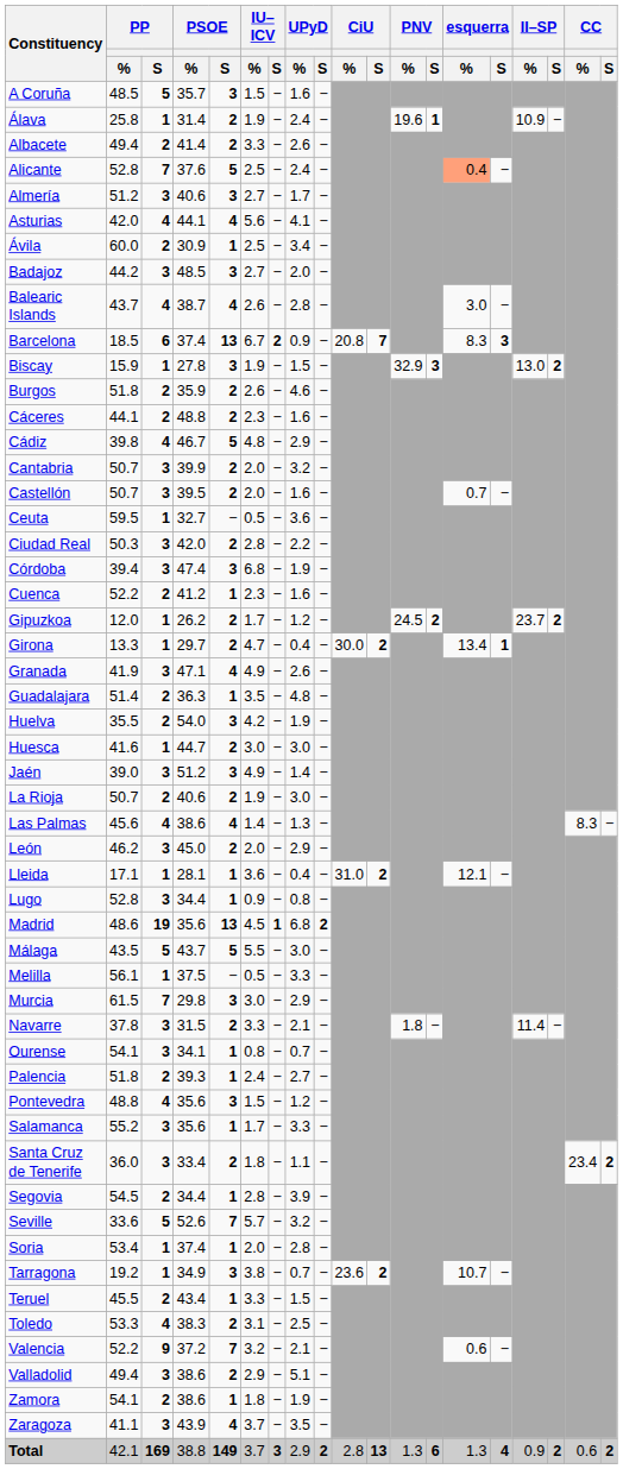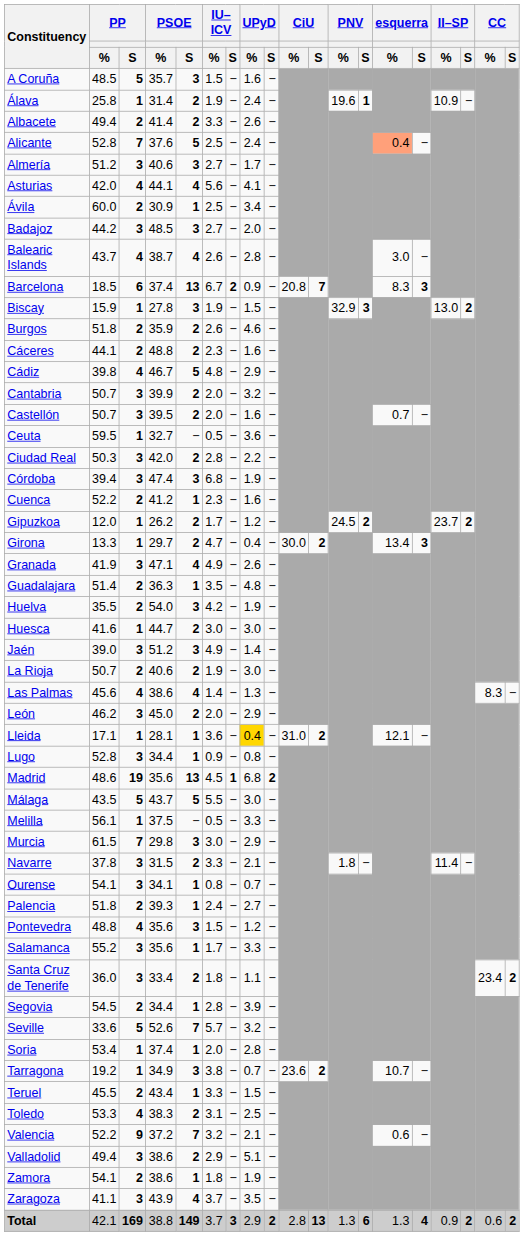 <table class="wikitable sortable" style="text-align:right; line-height:20px">
 <tr>
 <th rowspan="3">Constituency</th>
 <th colspan="2" width="30px" class="unsortable"><a href='#'>PP</a></th>
 <th colspan="2" width="30px" class="unsortable"><a href='#'>PSOE</a></th>
 <th colspan="2" width="30px" class="unsortable"><a href='#'>IU–ICV</a></th>
 <th colspan="2" width="30px" class="unsortable"><a href='#'>UPyD</a></th>
 <th colspan="2" width="30px" class="unsortable"><a href='#'>CiU</a></th>
 <th colspan="2" width="30px" class="unsortable"><a href='#'>PNV</a></th>
 <th colspan="2" width="30px" class="unsortable"><a href='#'>esquerra</a></th>
 <th colspan="2" width="30px" class="unsortable"><a href='#'>II–SP</a></th>
 <th colspan="2" width="30px" class="unsortable"><a href='#'>CC</a></th>
 </tr>
 <tr>
 <th colspan="2" style="background:"></th>
 <th colspan="2" style="background:"></th>
 <th colspan="2" style="background:"></th>
 <th colspan="2" style="background:"></th>
 <th colspan="2" style="background:"></th>
 <th colspan="2" style="background:"></th>
 <th colspan="2" style="background:"></th>
 <th colspan="2" style="background:"></th>
 <th colspan="2" style="background:"></th>
 </tr>
 <tr>
 <th data-sort-type="number">%</th>
 <th data-sort-type="number">S</th>
 <th data-sort-type="number">%</th>
 <th data-sort-type="number">S</th>
 <th data-sort-type="number">%</th>
 <th data-sort-type="number">S</th>
 <th data-sort-type="number">%</th>
 <th data-sort-type="number">S</th>
 <th data-sort-type="number">%</th>
 <th data-sort-type="number">S</th>
 <th data-sort-type="number">%</th>
 <th data-sort-type="number">S</th>
 <th data-sort-type="number">%</th>
 <th data-sort-type="number">S</th>
 <th data-sort-type="number">%</th>
 <th data-sort-type="number">S</th>
 <th data-sort-type="number">%</th>
 <th data-sort-type="number">S</th>
 </tr>
 <tr>
 <td align="left"><a href='#'>A Coruña</a></td>
 <td style="background:">48.5</td>
 <td><strong>5</strong></td>
 <td>35.7</td>
 <td><strong>3</strong></td>
 <td>1.5</td>
 <td>−</td>
 <td>1.6</td>
 <td>−</td>
 <td colspan="2" rowspan="9" bgcolor="#AAAAAA"></td>
 <td colspan="2" bgcolor="#AAAAAA"></td>
 <td colspan="2" rowspan="3" bgcolor="#AAAAAA"></td>
 <td colspan="2" bgcolor="#AAAAAA"></td>
 <td colspan="2" rowspan="28" bgcolor="#AAAAAA"></td>
 </tr>
 <tr>
 <td align="left"><a href='#'>Álava</a></td>
 <td>25.8</td>
 <td><strong>1</strong></td>
 <td style="background:">31.4</td>
 <td><strong>2</strong></td>
 <td>1.9</td>
 <td>−</td>
 <td>2.4</td>
 <td>−</td>
 <td>19.6</td>
 <td><strong>1</strong></td>
 <td>10.9</td>
 <td>−</td>
 </tr>
 <tr>
 <td align="left"><a href='#'>Albacete</a></td>
 <td style="background:">49.4</td>
 <td><strong>2</strong></td>
 <td>41.4</td>
 <td><strong>2</strong></td>
 <td>3.3</td>
 <td>−</td>
 <td>2.6</td>
 <td>−</td>
 <td colspan="2" rowspan="8" bgcolor="#AAAAAA"></td>
 <td colspan="2" rowspan="8" bgcolor="#AAAAAA"></td>
 </tr>
 <tr>
 <td align="left"><a href='#'>Alicante</a></td>
 <td style="background:">52.8</td>
 <td><strong>7</strong></td>
 <td>37.6</td>
 <td><strong>5</strong></td>
 <td>2.5</td>
 <td>−</td>
 <td>2.4</td>
 <td>−</td>
 <td style="background: lightsalmon;">0.4</td>
 <td>−</td>
 </tr>
 <tr>
 <td align="left"><a href='#'>Almería</a></td>
 <td style="background:">51.2</td>
 <td><strong>3</strong></td>
 <td>40.6</td>
 <td><strong>3</strong></td>
 <td>2.7</td>
 <td>−</td>
 <td>1.7</td>
 <td>−</td>
 <td colspan="2" rowspan="4" bgcolor="#AAAAAA"></td>
 </tr>
 <tr>
 <td align="left"><a href='#'>Asturias</a></td>
 <td>42.0</td>
 <td><strong>4</strong></td>
 <td style="background:">44.1</td>
 <td><strong>4</strong></td>
 <td>5.6</td>
 <td>−</td>
 <td>4.1</td>
 <td>−</td>
 </tr>
 <tr>
 <td align="left"><a href='#'>Ávila</a></td>
 <td style="background:">60.0</td>
 <td><strong>2</strong></td>
 <td>30.9</td>
 <td><strong>1</strong></td>
 <td>2.5</td>
 <td>−</td>
 <td>3.4</td>
 <td>−</td>
 </tr>
 <tr>
 <td align="left"><a href='#'>Badajoz</a></td>
 <td>44.2</td>
 <td><strong>3</strong></td>
 <td style="background:">48.5</td>
 <td><strong>3</strong></td>
 <td>2.7</td>
 <td>−</td>
 <td>2.0</td>
 <td>−</td>
 </tr>
 <tr>
 <td align="left"><a href='#'>Balearic Islands</a></td>
 <td style="background:">43.7</td>
 <td><strong>4</strong></td>
 <td>38.7</td>
 <td><strong>4</strong></td>
 <td>2.6</td>
 <td>−</td>
 <td>2.8</td>
 <td>−</td>
 <td>3.0</td>
 <td>−</td>
 </tr>
 <tr>
 <td align="left"><a href='#'>Barcelona</a></td>
 <td>18.5</td>
 <td><strong>6</strong></td>
 <td style="background:">37.4</td>
 <td><strong>13</strong></td>
 <td>6.7</td>
 <td><strong>2</strong></td>
 <td>0.9</td>
 <td>−</td>
 <td>20.8</td>
 <td><strong>7</strong></td>
 <td>8.3</td>
 <td><strong>3</strong></td>
 </tr>
 <tr>
 <td align="left"><a href='#'>Biscay</a></td>
 <td>15.9</td>
 <td><strong>1</strong></td>
 <td>27.8</td>
 <td><strong>3</strong></td>
 <td>1.9</td>
 <td>−</td>
 <td>1.5</td>
 <td>−</td>
 <td colspan="2" rowspan="11" bgcolor="#AAAAAA"></td>
 <td style="background:">32.9</td>
 <td><strong>3</strong></td>
 <td colspan="2" rowspan="5" bgcolor="#AAAAAA"></td>
 <td>13.0</td>
 <td><strong>2</strong></td>
 </tr>
 <tr>
 <td align="left"><a href='#'>Burgos</a></td>
 <td style="background:">51.8</td>
 <td><strong>2</strong></td>
 <td>35.9</td>
 <td><strong>2</strong></td>
 <td>2.6</td>
 <td>−</td>
 <td>4.6</td>
 <td>−</td>
 <td colspan="2" rowspan="9" bgcolor="#AAAAAA"></td>
 <td colspan="2" rowspan="9" bgcolor="#AAAAAA"></td>
 </tr>
 <tr>
 <td align="left"><a href='#'>Cáceres</a></td>
 <td>44.1</td>
 <td><strong>2</strong></td>
 <td style="background:">48.8</td>
 <td><strong>2</strong></td>
 <td>2.3</td>
 <td>−</td>
 <td>1.6</td>
 <td>−</td>
 </tr>
 <tr>
 <td align="left"><a href='#'>Cádiz</a></td>
 <td>39.8</td>
 <td><strong>4</strong></td>
 <td style="background:">46.7</td>
 <td><strong>5</strong></td>
 <td>4.8</td>
 <td>−</td>
 <td>2.9</td>
 <td>−</td>
 </tr>
 <tr>
 <td align="left"><a href='#'>Cantabria</a></td>
 <td style="background:">50.7</td>
 <td><strong>3</strong></td>
 <td>39.9</td>
 <td><strong>2</strong></td>
 <td>2.0</td>
 <td>−</td>
 <td>3.2</td>
 <td>−</td>
 </tr>
 <tr>
 <td align="left"><a href='#'>Castellón</a></td>
 <td style="background:">50.7</td>
 <td><strong>3</strong></td>
 <td>39.5</td>
 <td><strong>2</strong></td>
 <td>2.0</td>
 <td>−</td>
 <td>1.6</td>
 <td>−</td>
 <td>0.7</td>
 <td>−</td>
 </tr>
 <tr>
 <td align="left"><a href='#'>Ceuta</a></td>
 <td style="background:">59.5</td>
 <td><strong>1</strong></td>
 <td>32.7</td>
 <td>−</td>
 <td>0.5</td>
 <td>−</td>
 <td>3.6</td>
 <td>−</td>
 <td colspan="2" rowspan="5" bgcolor="#AAAAAA"></td>
 </tr>
 <tr>
 <td align="left"><a href='#'>Ciudad Real</a></td>
 <td style="background:">50.3</td>
 <td><strong>3</strong></td>
 <td>42.0</td>
 <td><strong>2</strong></td>
 <td>2.8</td>
 <td>−</td>
 <td>2.2</td>
 <td>−</td>
 </tr>
 <tr>
 <td align="left"><a href='#'>Córdoba</a></td>
 <td>39.4</td>
 <td><strong>3</strong></td>
 <td style="background:">47.4</td>
 <td><strong>3</strong></td>
 <td>6.8</td>
 <td>−</td>
 <td>1.9</td>
 <td>−</td>
 </tr>
 <tr>
 <td align="left"><a href='#'>Cuenca</a></td>
 <td style="background:">52.2</td>
 <td><strong>2</strong></td>
 <td>41.2</td>
 <td><strong>1</strong></td>
 <td>2.3</td>
 <td>−</td>
 <td>1.6</td>
 <td>−</td>
 </tr>
 <tr>
 <td align="left"><a href='#'>Gipuzkoa</a></td>
 <td>12.0</td>
 <td><strong>1</strong></td>
 <td style="background:">26.2</td>
 <td><strong>2</strong></td>
 <td>1.7</td>
 <td>−</td>
 <td>1.2</td>
 <td>−</td>
 <td>24.5</td>
 <td><strong>2</strong></td>
 <td>23.7</td>
 <td><strong>2</strong></td>
 </tr>
 <tr>
 <td align="left"><a href='#'>Girona</a></td>
 <td>13.3</td>
 <td><strong>1</strong></td>
 <td>29.7</td>
 <td><strong>2</strong></td>
 <td>4.7</td>
 <td>−</td>
 <td>0.4</td>
 <td>−</td>
 <td style="background:">30.0</td>
 <td><strong>2</strong></td>
 <td colspan="2" rowspan="15" bgcolor="#AAAAAA"></td>
 <td>13.4</td>
-<td><strong>1</strong></td>
+<td><strong>3</strong></td>
 <td colspan="2" rowspan="15" bgcolor="#AAAAAA"></td>
 </tr>
 <tr>
 <td align="left"><a href='#'>Granada</a></td>
 <td>41.9</td>
 <td><strong>3</strong></td>
 <td style="background:">47.1</td>
 <td><strong>4</strong></td>
 <td>4.9</td>
 <td>−</td>
 <td>2.6</td>
 <td>−</td>
 <td colspan="2" rowspan="8" bgcolor="#AAAAAA"></td>
 <td colspan="2" rowspan="8" bgcolor="#AAAAAA"></td>
 </tr>
 <tr>
 <td align="left"><a href='#'>Guadalajara</a></td>
 <td style="background:">51.4</td>
 <td><strong>2</strong></td>
 <td>36.3</td>
 <td><strong>1</strong></td>
 <td>3.5</td>
 <td>−</td>
 <td>4.8</td>
 <td>−</td>
 </tr>
 <tr>
 <td align="left"><a href='#'>Huelva</a></td>
 <td>35.5</td>
 <td><strong>2</strong></td>
 <td style="background:">54.0</td>
 <td><strong>3</strong></td>
 <td>4.2</td>
 <td>−</td>
 <td>1.9</td>
 <td>−</td>
 </tr>
 <tr>
 <td align="left"><a href='#'>Huesca</a></td>
 <td>41.6</td>
 <td><strong>1</strong></td>
 <td style="background:">44.7</td>
 <td><strong>2</strong></td>
 <td>3.0</td>
 <td>−</td>
 <td>3.0</td>
 <td>−</td>
 </tr>
 <tr>
 <td align="left"><a href='#'>Jaén</a></td>
 <td>39.0</td>
 <td><strong>3</strong></td>
 <td style="background:">51.2</td>
 <td><strong>3</strong></td>
 <td>4.9</td>
 <td>−</td>
 <td>1.4</td>
 <td>−</td>
 </tr>
 <tr>
 <td align="left"><a href='#'>La Rioja</a></td>
 <td style="background:">50.7</td>
 <td><strong>2</strong></td>
 <td>40.6</td>
 <td><strong>2</strong></td>
 <td>1.9</td>
 <td>−</td>
 <td>3.0</td>
 <td>−</td>
 </tr>
 <tr>
 <td align="left"><a href='#'>Las Palmas</a></td>
 <td style="background:">45.6</td>
 <td><strong>4</strong></td>
 <td>38.6</td>
 <td><strong>4</strong></td>
 <td>1.4</td>
 <td>−</td>
 <td>1.3</td>
 <td>−</td>
 <td>8.3</td>
 <td>−</td>
 </tr>
 <tr>
 <td align="left"><a href='#'>León</a></td>
 <td style="background:">46.2</td>
 <td><strong>3</strong></td>
 <td>45.0</td>
 <td><strong>2</strong></td>
 <td>2.0</td>
 <td>−</td>
 <td>2.9</td>
 <td>−</td>
 <td colspan="2" rowspan="12" bgcolor="#AAAAAA"></td>
 </tr>
 <tr>
 <td align="left"><a href='#'>Lleida</a></td>
 <td>17.1</td>
 <td><strong>1</strong></td>
 <td>28.1</td>
 <td><strong>1</strong></td>
 <td>3.6</td>
 <td>−</td>
-<td>0.4</td>
+<td style="background: gold;">0.4</td>
 <td>−</td>
 <td style="background:">31.0</td>
 <td><strong>2</strong></td>
 <td>12.1</td>
 <td>−</td>
 </tr>
 <tr>
 <td align="left"><a href='#'>Lugo</a></td>
 <td style="background:">52.8</td>
 <td><strong>3</strong></td>
 <td>34.4</td>
 <td><strong>1</strong></td>
 <td>0.9</td>
 <td>−</td>
 <td>0.8</td>
 <td>−</td>
 <td colspan="2" rowspan="14" bgcolor="#AAAAAA"></td>
 <td colspan="2" rowspan="14" bgcolor="#AAAAAA"></td>
 </tr>
 <tr>
 <td align="left"><a href='#'>Madrid</a></td>
 <td style="background:">48.6</td>
 <td><strong>19</strong></td>
 <td>35.6</td>
 <td><strong>13</strong></td>
 <td>4.5</td>
 <td><strong>1</strong></td>
 <td>6.8</td>
 <td><strong>2</strong></td>
 </tr>
 <tr>
 <td align="left"><a href='#'>Málaga</a></td>
 <td>43.5</td>
 <td><strong>5</strong></td>
 <td style="background:">43.7</td>
 <td><strong>5</strong></td>
 <td>5.5</td>
 <td>−</td>
 <td>3.0</td>
 <td>−</td>
 </tr>
 <tr>
 <td align="left"><a href='#'>Melilla</a></td>
 <td style="background:">56.1</td>
 <td><strong>1</strong></td>
 <td>37.5</td>
 <td>−</td>
 <td>0.5</td>
 <td>−</td>
 <td>3.3</td>
 <td>−</td>
 </tr>
 <tr>
 <td align="left"><a href='#'>Murcia</a></td>
 <td style="background:">61.5</td>
 <td><strong>7</strong></td>
 <td>29.8</td>
 <td><strong>3</strong></td>
 <td>3.0</td>
 <td>−</td>
 <td>2.9</td>
 <td>−</td>
 </tr>
 <tr>
 <td align="left"><a href='#'>Navarre</a></td>
 <td style="background:">37.8</td>
 <td><strong>3</strong></td>
 <td>31.5</td>
 <td><strong>2</strong></td>
 <td>3.3</td>
 <td>−</td>
 <td>2.1</td>
 <td>−</td>
 <td>1.8</td>
 <td>−</td>
 <td>11.4</td>
 <td>−</td>
 </tr>
 <tr>
 <td align="left"><a href='#'>Ourense</a></td>
 <td style="background:">54.1</td>
 <td><strong>3</strong></td>
 <td>34.1</td>
 <td><strong>1</strong></td>
 <td>0.8</td>
 <td>−</td>
 <td>0.7</td>
 <td>−</td>
 <td colspan="2" rowspan="15" bgcolor="#AAAAAA"></td>
 <td colspan="2" rowspan="15" bgcolor="#AAAAAA"></td>
 </tr>
 <tr>
 <td align="left"><a href='#'>Palencia</a></td>
 <td style="background:">51.8</td>
 <td><strong>2</strong></td>
 <td>39.3</td>
 <td><strong>1</strong></td>
 <td>2.4</td>
 <td>−</td>
 <td>2.7</td>
 <td>−</td>
 </tr>
 <tr>
 <td align="left"><a href='#'>Pontevedra</a></td>
 <td style="background:">48.8</td>
 <td><strong>4</strong></td>
 <td>35.6</td>
 <td><strong>3</strong></td>
 <td>1.5</td>
 <td>−</td>
 <td>1.2</td>
 <td>−</td>
 </tr>
 <tr>
 <td align="left"><a href='#'>Salamanca</a></td>
 <td style="background:">55.2</td>
 <td><strong>3</strong></td>
 <td>35.6</td>
 <td><strong>1</strong></td>
 <td>1.7</td>
 <td>−</td>
 <td>3.3</td>
 <td>−</td>
 </tr>
 <tr>
 <td align="left"><a href='#'>Santa Cruz de Tenerife</a></td>
 <td style="background:">36.0</td>
 <td><strong>3</strong></td>
 <td>33.4</td>
 <td><strong>2</strong></td>
 <td>1.8</td>
 <td>−</td>
 <td>1.1</td>
 <td>−</td>
 <td>23.4</td>
 <td><strong>2</strong></td>
 </tr>
 <tr>
 <td align="left"><a href='#'>Segovia</a></td>
 <td style="background:">54.5</td>
 <td><strong>2</strong></td>
 <td>34.4</td>
 <td><strong>1</strong></td>
 <td>2.8</td>
 <td>−</td>
 <td>3.9</td>
 <td>−</td>
 <td colspan="2" rowspan="10" bgcolor="#AAAAAA"></td>
 </tr>
 <tr>
 <td align="left"><a href='#'>Seville</a></td>
 <td>33.6</td>
 <td><strong>5</strong></td>
 <td style="background:">52.6</td>
 <td><strong>7</strong></td>
 <td>5.7</td>
 <td>−</td>
 <td>3.2</td>
 <td>−</td>
 </tr>
 <tr>
 <td align="left"><a href='#'>Soria</a></td>
 <td style="background:">53.4</td>
 <td><strong>1</strong></td>
 <td>37.4</td>
 <td><strong>1</strong></td>
 <td>2.0</td>
 <td>−</td>
 <td>2.8</td>
 <td>−</td>
 </tr>
 <tr>
 <td align="left"><a href='#'>Tarragona</a></td>
 <td>19.2</td>
 <td><strong>1</strong></td>
 <td style="background:">34.9</td>
 <td><strong>3</strong></td>
 <td>3.8</td>
 <td>−</td>
 <td>0.7</td>
 <td>−</td>
 <td>23.6</td>
 <td><strong>2</strong></td>
 <td>10.7</td>
 <td>−</td>
 </tr>
 <tr>
 <td align="left"><a href='#'>Teruel</a></td>
 <td style="background:">45.5</td>
 <td><strong>2</strong></td>
 <td>43.4</td>
 <td><strong>1</strong></td>
 <td>3.3</td>
 <td>−</td>
 <td>1.5</td>
 <td>−</td>
 <td colspan="2" rowspan="6" bgcolor="#AAAAAA"></td>
 <td colspan="2" rowspan="2" bgcolor="#AAAAAA"></td>
 </tr>
 <tr>
 <td align="left"><a href='#'>Toledo</a></td>
 <td style="background:">53.3</td>
 <td><strong>4</strong></td>
 <td>38.3</td>
 <td><strong>2</strong></td>
 <td>3.1</td>
 <td>−</td>
 <td>2.5</td>
 <td>−</td>
 </tr>
 <tr>
 <td align="left"><a href='#'>Valencia</a></td>
 <td style="background:">52.2</td>
 <td><strong>9</strong></td>
 <td>37.2</td>
 <td><strong>7</strong></td>
 <td>3.2</td>
 <td>−</td>
 <td>2.1</td>
 <td>−</td>
 <td>0.6</td>
 <td>−</td>
 </tr>
 <tr>
 <td align="left"><a href='#'>Valladolid</a></td>
 <td style="background:">49.4</td>
 <td><strong>3</strong></td>
 <td>38.6</td>
 <td><strong>2</strong></td>
 <td>2.9</td>
 <td>−</td>
 <td>5.1</td>
 <td>−</td>
 <td colspan="2" rowspan="3" bgcolor="#AAAAAA"></td>
 </tr>
 <tr>
 <td align="left"><a href='#'>Zamora</a></td>
 <td style="background:">54.1</td>
 <td><strong>2</strong></td>
 <td>38.6</td>
 <td><strong>1</strong></td>
 <td>1.8</td>
 <td>−</td>
 <td>1.9</td>
 <td>−</td>
 </tr>
 <tr>
 <td align="left"><a href='#'>Zaragoza</a></td>
 <td>41.1</td>
 <td><strong>3</strong></td>
 <td style="background:">43.9</td>
 <td><strong>4</strong></td>
 <td>3.7</td>
 <td>−</td>
 <td>3.5</td>
 <td>−</td>
 </tr>
 <tr style="background:#CDCDCD;">
 <td align="left"><strong>Total</strong></td>
 <td style="background:">42.1</td>
 <td><strong>169</strong></td>
 <td>38.8</td>
 <td><strong>149</strong></td>
 <td>3.7</td>
 <td><strong>3</strong></td>
 <td>2.9</td>
 <td><strong>2</strong></td>
 <td>2.8</td>
 <td><strong>13</strong></td>
 <td>1.3</td>
 <td><strong>6</strong></td>
 <td>1.3</td>
 <td><strong>4</strong></td>
 <td>0.9</td>
 <td><strong>2</strong></td>
 <td>0.6</td>
 <td><strong>2</strong></td>
 </tr>
 </table>
